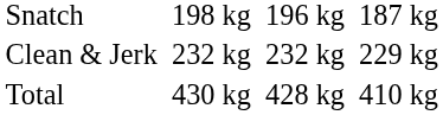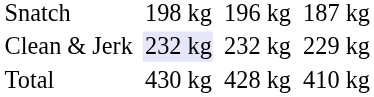 <table>
 <tr>
 <td>Snatch</td>
 <td></td>
 <td>198 kg</td>
 <td></td>
 <td>196 kg</td>
 <td></td>
 <td>187 kg</td>
 </tr>
 <tr>
 <td>Clean & Jerk</td>
 <td></td>
-<td>232 kg</td>
+<td style="background: lavender;">232 kg</td>
 <td></td>
 <td>232 kg</td>
 <td></td>
 <td>229 kg</td>
 </tr>
 <tr>
 <td>Total</td>
 <td></td>
 <td>430 kg</td>
 <td></td>
 <td>428 kg</td>
 <td></td>
 <td>410 kg</td>
 </tr>
 </table>
